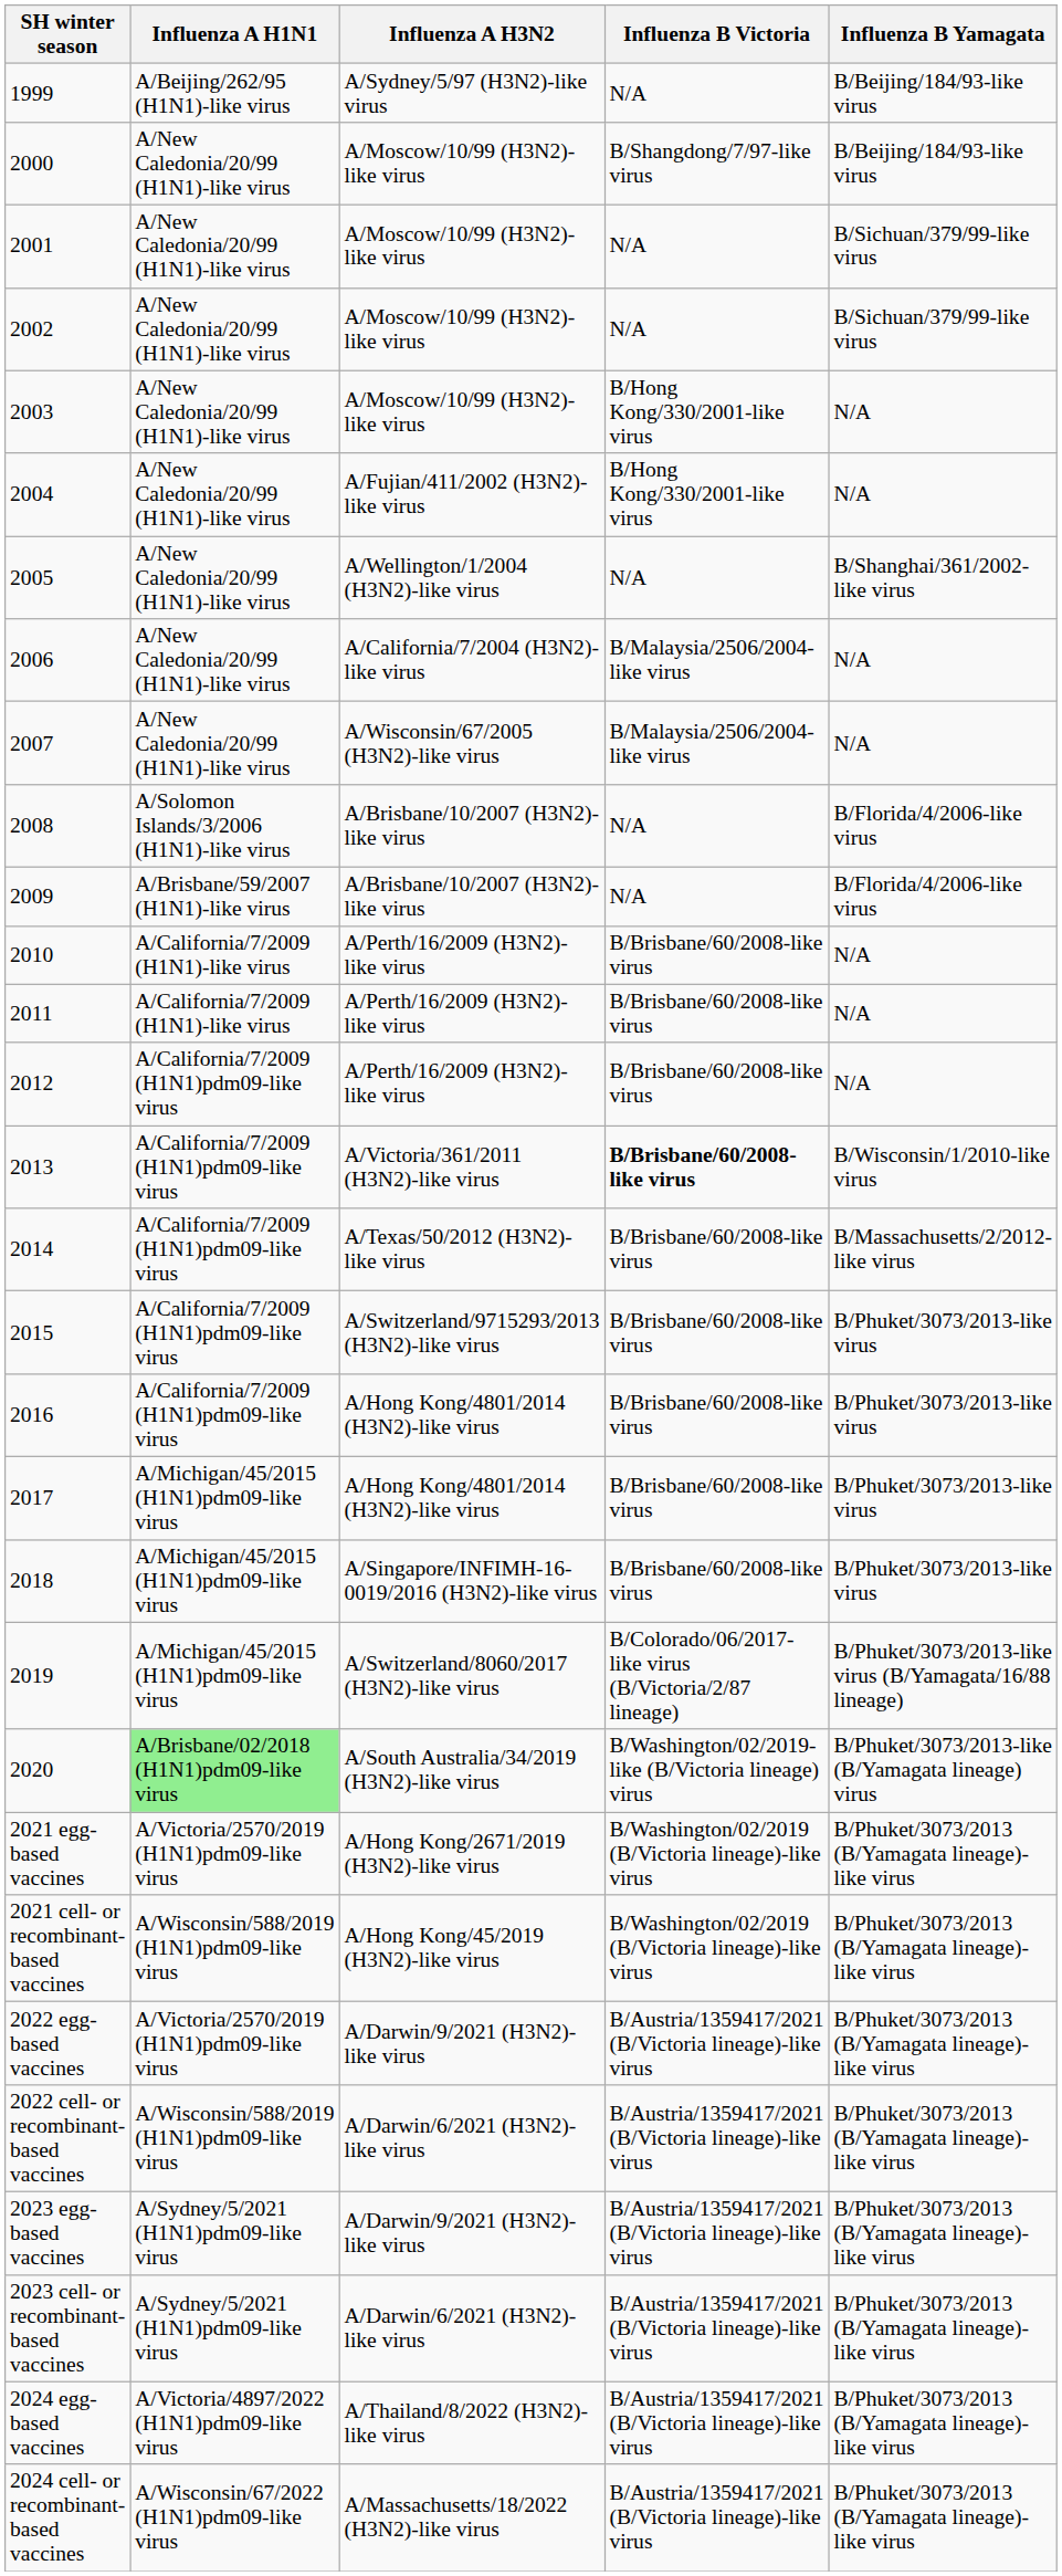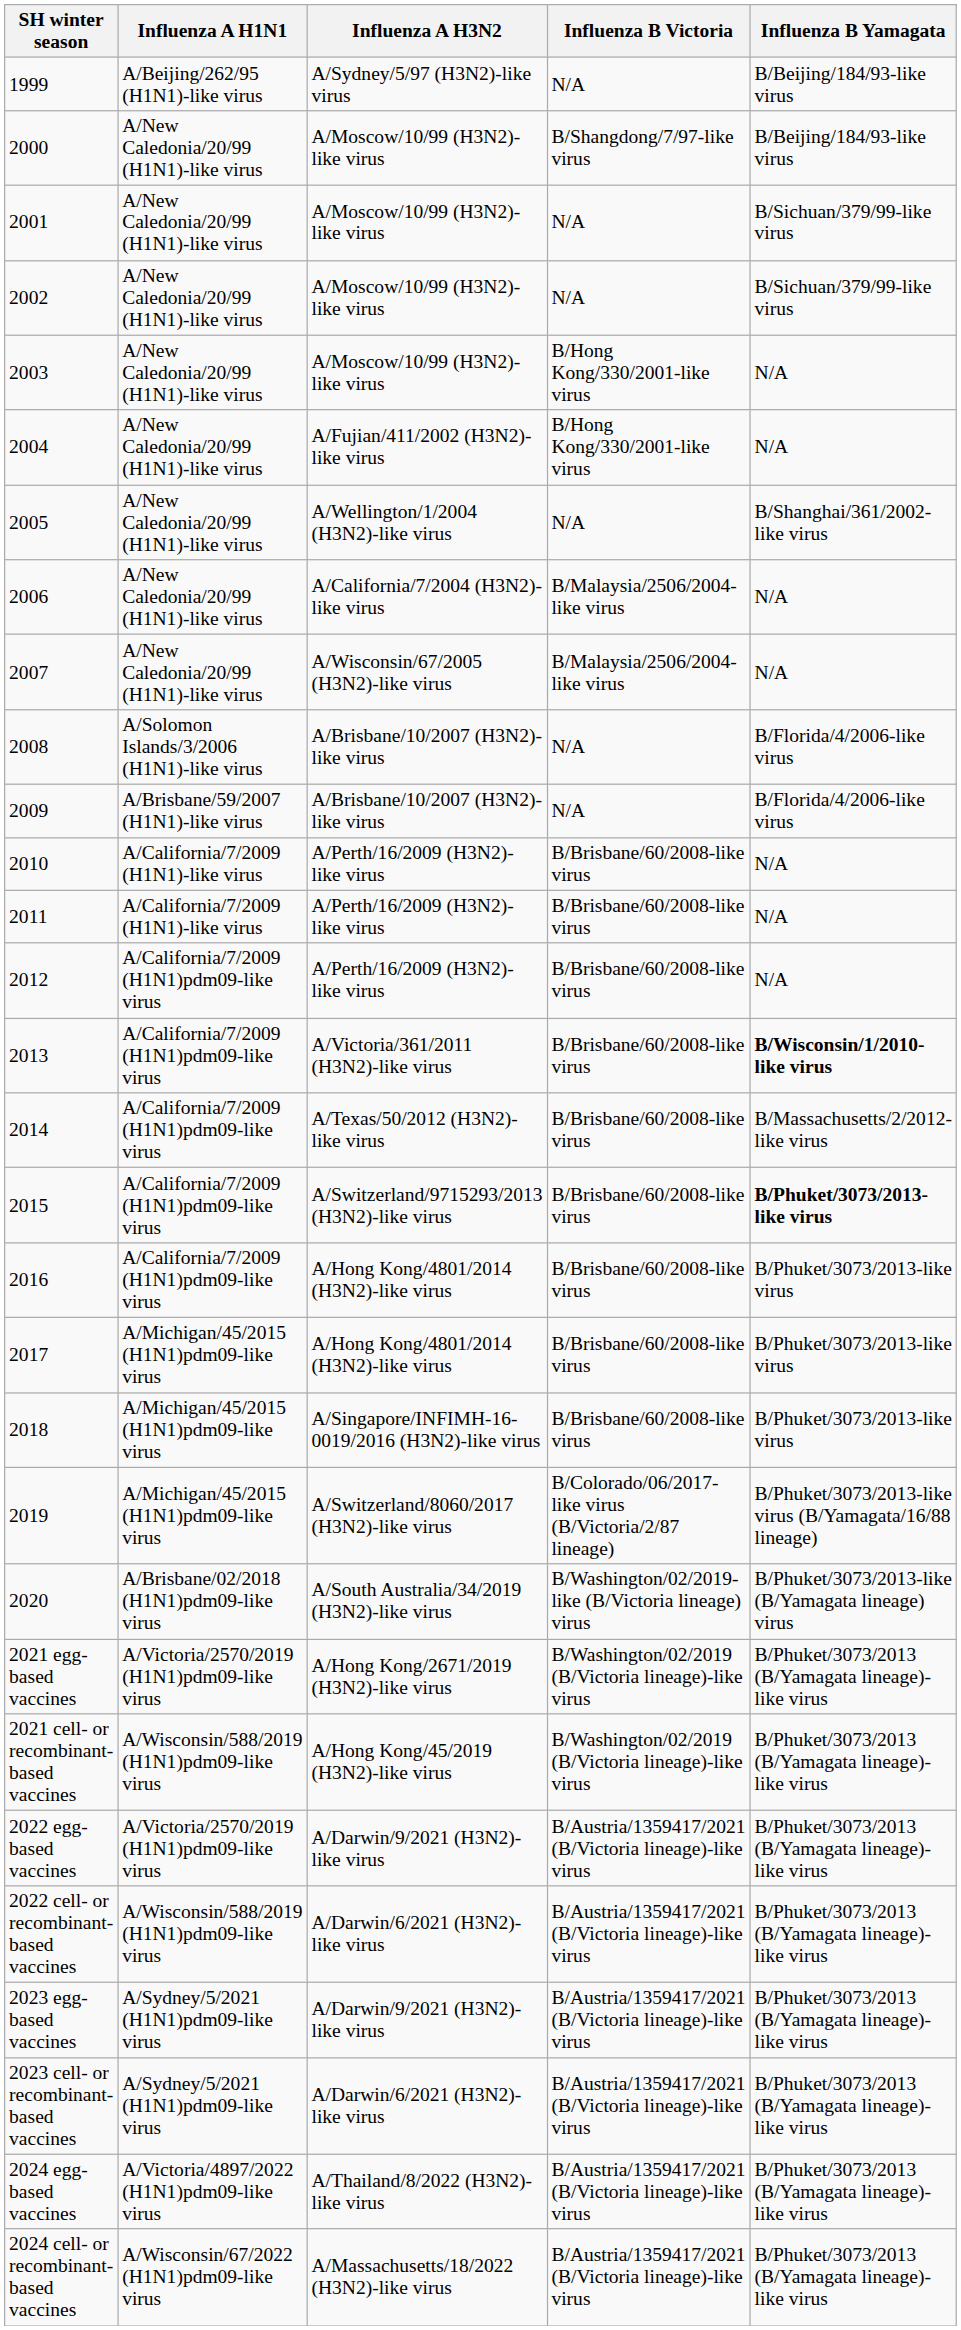 <table class="wikitable">
 <tr>
 <th>SH winter season</th>
 <th>Influenza A H1N1</th>
 <th>Influenza A H3N2</th>
 <th>Influenza B Victoria</th>
 <th>Influenza B Yamagata</th>
 </tr>
 <tr>
 <td>1999</td>
 <td>A/Beijing/262/95 (H1N1)-like virus</td>
 <td>A/Sydney/5/97 (H3N2)-like virus</td>
 <td>N/A</td>
 <td>B/Beijing/184/93-like virus</td>
 </tr>
 <tr>
 <td>2000</td>
 <td>A/New Caledonia/20/99 (H1N1)-like virus</td>
 <td>A/Moscow/10/99 (H3N2)-like virus</td>
 <td>B/Shangdong/7/97-like virus</td>
 <td>B/Beijing/184/93-like virus</td>
 </tr>
 <tr>
 <td>2001</td>
 <td>A/New Caledonia/20/99 (H1N1)-like virus</td>
 <td>A/Moscow/10/99 (H3N2)-like virus</td>
 <td>N/A</td>
 <td>B/Sichuan/379/99-like virus</td>
 </tr>
 <tr>
 <td>2002</td>
 <td>A/New Caledonia/20/99 (H1N1)-like virus</td>
 <td>A/Moscow/10/99 (H3N2)-like virus</td>
 <td>N/A</td>
 <td>B/Sichuan/379/99-like virus</td>
 </tr>
 <tr>
 <td>2003</td>
 <td>A/New Caledonia/20/99 (H1N1)-like virus</td>
 <td>A/Moscow/10/99 (H3N2)-like virus</td>
 <td>B/Hong Kong/330/2001-like virus</td>
 <td>N/A</td>
 </tr>
 <tr>
 <td>2004</td>
 <td>A/New Caledonia/20/99 (H1N1)-like virus</td>
 <td>A/Fujian/411/2002 (H3N2)-like virus</td>
 <td>B/Hong Kong/330/2001-like virus</td>
 <td>N/A</td>
 </tr>
 <tr>
 <td>2005</td>
 <td>A/New Caledonia/20/99 (H1N1)-like virus</td>
 <td>A/Wellington/1/2004 (H3N2)-like virus</td>
 <td>N/A</td>
 <td>B/Shanghai/361/2002-like virus</td>
 </tr>
 <tr>
 <td>2006</td>
 <td>A/New Caledonia/20/99 (H1N1)-like virus</td>
 <td>A/California/7/2004 (H3N2)-like virus</td>
 <td>B/Malaysia/2506/2004-like virus</td>
 <td>N/A</td>
 </tr>
 <tr>
 <td>2007</td>
 <td>A/New Caledonia/20/99 (H1N1)-like virus</td>
 <td>A/Wisconsin/67/2005 (H3N2)-like virus</td>
 <td>B/Malaysia/2506/2004-like virus</td>
 <td>N/A</td>
 </tr>
 <tr>
 <td>2008</td>
 <td>A/Solomon Islands/3/2006 (H1N1)-like virus</td>
 <td>A/Brisbane/10/2007 (H3N2)-like virus</td>
 <td>N/A</td>
 <td>B/Florida/4/2006-like virus</td>
 </tr>
 <tr>
 <td>2009</td>
 <td>A/Brisbane/59/2007 (H1N1)-like virus</td>
 <td>A/Brisbane/10/2007 (H3N2)-like virus</td>
 <td>N/A</td>
 <td>B/Florida/4/2006-like virus</td>
 </tr>
 <tr>
 <td>2010</td>
 <td>A/California/7/2009 (H1N1)-like virus</td>
 <td>A/Perth/16/2009 (H3N2)-like virus</td>
 <td>B/Brisbane/60/2008-like virus</td>
 <td>N/A</td>
 </tr>
 <tr>
 <td>2011</td>
 <td>A/California/7/2009 (H1N1)-like virus</td>
 <td>A/Perth/16/2009 (H3N2)-like virus</td>
 <td>B/Brisbane/60/2008-like virus</td>
 <td>N/A</td>
 </tr>
 <tr>
 <td>2012</td>
 <td>A/California/7/2009 (H1N1)pdm09-like virus</td>
 <td>A/Perth/16/2009 (H3N2)-like virus</td>
 <td>B/Brisbane/60/2008-like virus</td>
 <td>N/A</td>
 </tr>
 <tr>
 <td>2013</td>
 <td>A/California/7/2009 (H1N1)pdm09-like virus</td>
 <td>A/Victoria/361/2011 (H3N2)-like virus</td>
-<td><strong>B/Brisbane/60/2008-like virus</strong></td>
-<td>B/Wisconsin/1/2010-like virus</td>
+<td>B/Brisbane/60/2008-like virus</td>
+<td><strong>B/Wisconsin/1/2010-like virus</strong></td>
 </tr>
 <tr>
 <td>2014</td>
 <td>A/California/7/2009 (H1N1)pdm09-like virus</td>
 <td>A/Texas/50/2012 (H3N2)-like virus</td>
 <td>B/Brisbane/60/2008-like virus</td>
 <td>B/Massachusetts/2/2012-like virus</td>
 </tr>
 <tr>
 <td>2015</td>
 <td>A/California/7/2009 (H1N1)pdm09-like virus</td>
 <td>A/Switzerland/9715293/2013 (H3N2)-like virus</td>
 <td>B/Brisbane/60/2008-like virus</td>
-<td>B/Phuket/3073/2013-like virus</td>
+<td><strong>B/Phuket/3073/2013-like virus</strong></td>
 </tr>
 <tr>
 <td>2016</td>
 <td>A/California/7/2009 (H1N1)pdm09-like virus</td>
 <td>A/Hong Kong/4801/2014 (H3N2)-like virus</td>
 <td>B/Brisbane/60/2008-like virus</td>
 <td>B/Phuket/3073/2013-like virus</td>
 </tr>
 <tr>
 <td>2017</td>
 <td>A/Michigan/45/2015 (H1N1)pdm09-like virus</td>
 <td>A/Hong Kong/4801/2014 (H3N2)-like virus</td>
 <td>B/Brisbane/60/2008-like virus</td>
 <td>B/Phuket/3073/2013-like virus</td>
 </tr>
 <tr>
 <td>2018</td>
 <td>A/Michigan/45/2015 (H1N1)pdm09-like virus</td>
 <td>A/Singapore/INFIMH-16-0019/2016 (H3N2)-like virus</td>
 <td>B/Brisbane/60/2008-like virus</td>
 <td>B/Phuket/3073/2013-like virus</td>
 </tr>
 <tr>
 <td>2019</td>
 <td>A/Michigan/45/2015 (H1N1)pdm09-like virus</td>
 <td>A/Switzerland/8060/2017 (H3N2)-like virus</td>
 <td>B/Colorado/06/2017-like virus (B/Victoria/2/87 lineage)</td>
 <td>B/Phuket/3073/2013-like virus (B/Yamagata/16/88 lineage)</td>
 </tr>
 <tr>
 <td>2020</td>
-<td style="background: lightgreen;">A/Brisbane/02/2018 (H1N1)pdm09-like virus</td>
+<td>A/Brisbane/02/2018 (H1N1)pdm09-like virus</td>
 <td>A/South Australia/34/2019 (H3N2)-like virus</td>
 <td>B/Washington/02/2019-like (B/Victoria lineage) virus</td>
 <td>B/Phuket/3073/2013-like (B/Yamagata lineage) virus</td>
 </tr>
 <tr>
 <td>2021 egg-based vaccines</td>
 <td>A/Victoria/2570/2019 (H1N1)pdm09-like virus</td>
 <td>A/Hong Kong/2671/2019 (H3N2)-like virus</td>
 <td>B/Washington/02/2019 (B/Victoria lineage)-like virus</td>
 <td>B/Phuket/3073/2013 (B/Yamagata lineage)-like virus</td>
 </tr>
 <tr>
 <td>2021 cell- or recombinant-based vaccines</td>
 <td>A/Wisconsin/588/2019 (H1N1)pdm09-like virus</td>
 <td>A/Hong Kong/45/2019 (H3N2)-like virus</td>
 <td>B/Washington/02/2019 (B/Victoria lineage)-like virus</td>
 <td>B/Phuket/3073/2013 (B/Yamagata lineage)-like virus</td>
 </tr>
 <tr>
 <td>2022 egg-based vaccines</td>
 <td>A/Victoria/2570/2019 (H1N1)pdm09-like virus</td>
 <td>A/Darwin/9/2021 (H3N2)-like virus</td>
 <td>B/Austria/1359417/2021 (B/Victoria lineage)-like virus</td>
 <td>B/Phuket/3073/2013 (B/Yamagata lineage)-like virus</td>
 </tr>
 <tr>
 <td>2022 cell- or recombinant-based vaccines</td>
 <td>A/Wisconsin/588/2019 (H1N1)pdm09-like virus</td>
 <td>A/Darwin/6/2021 (H3N2)-like virus</td>
 <td>B/Austria/1359417/2021 (B/Victoria lineage)-like virus</td>
 <td>B/Phuket/3073/2013 (B/Yamagata lineage)-like virus</td>
 </tr>
 <tr>
 <td>2023 egg-based vaccines</td>
 <td>A/Sydney/5/2021 (H1N1)pdm09-like virus</td>
 <td>A/Darwin/9/2021 (H3N2)-like virus</td>
 <td>B/Austria/1359417/2021 (B/Victoria lineage)-like virus</td>
 <td>B/Phuket/3073/2013 (B/Yamagata lineage)-like virus</td>
 </tr>
 <tr>
 <td>2023 cell- or recombinant-based vaccines</td>
 <td>A/Sydney/5/2021 (H1N1)pdm09-like virus</td>
 <td>A/Darwin/6/2021 (H3N2)-like virus</td>
 <td>B/Austria/1359417/2021 (B/Victoria lineage)-like virus</td>
 <td>B/Phuket/3073/2013 (B/Yamagata lineage)-like virus</td>
 </tr>
 <tr>
 <td>2024 egg-based vaccines</td>
 <td>A/Victoria/4897/2022 (H1N1)pdm09-like virus</td>
 <td>A/Thailand/8/2022 (H3N2)-like virus</td>
 <td>B/Austria/1359417/2021 (B/Victoria lineage)-like virus</td>
 <td>B/Phuket/3073/2013 (B/Yamagata lineage)-like virus</td>
 </tr>
 <tr>
 <td>2024 cell- or recombinant-based vaccines</td>
 <td>A/Wisconsin/67/2022 (H1N1)pdm09-like virus</td>
 <td>A/Massachusetts/18/2022 (H3N2)-like virus</td>
 <td>B/Austria/1359417/2021 (B/Victoria lineage)-like virus</td>
 <td>B/Phuket/3073/2013 (B/Yamagata lineage)-like virus</td>
 </tr>
 <tr>
 </tr>
 </table>
